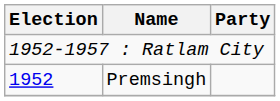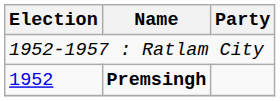 <table class="wikitable sortable">
 <tr>
 <th>Election</th>
 <th>Name</th>
 <th colspan=2>Party</th>
 </tr>
 <tr>
 <td colspan="4"><em>1952-1957 : Ratlam City</em></td>
 </tr>
 <tr>
 <td><a href='#'>1952</a></td>
-<td>Premsingh</td>
+<td><strong>Premsingh</strong></td>
 <td></td>
 </tr>
 <tr>
 </tr>
 </table>
